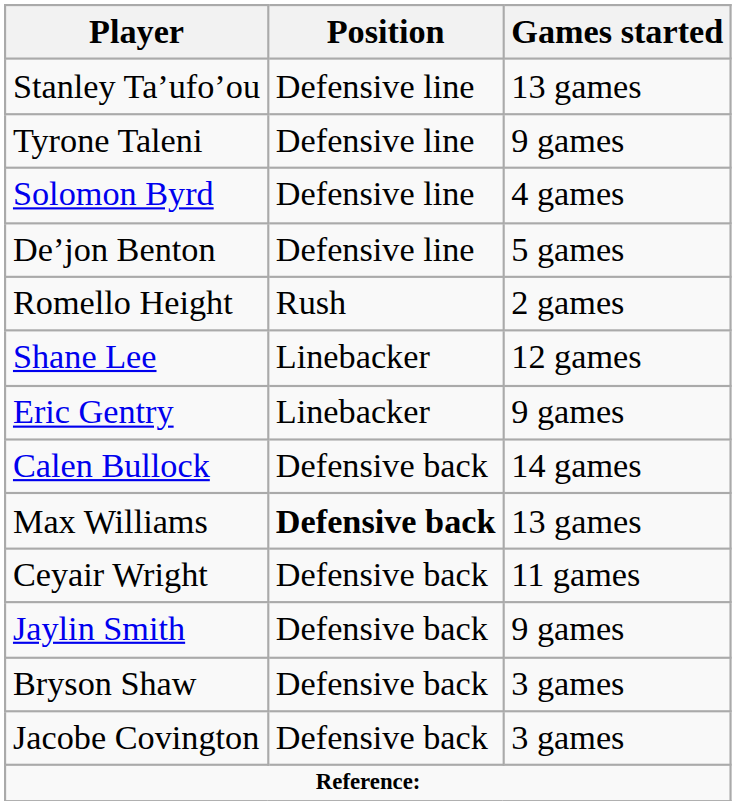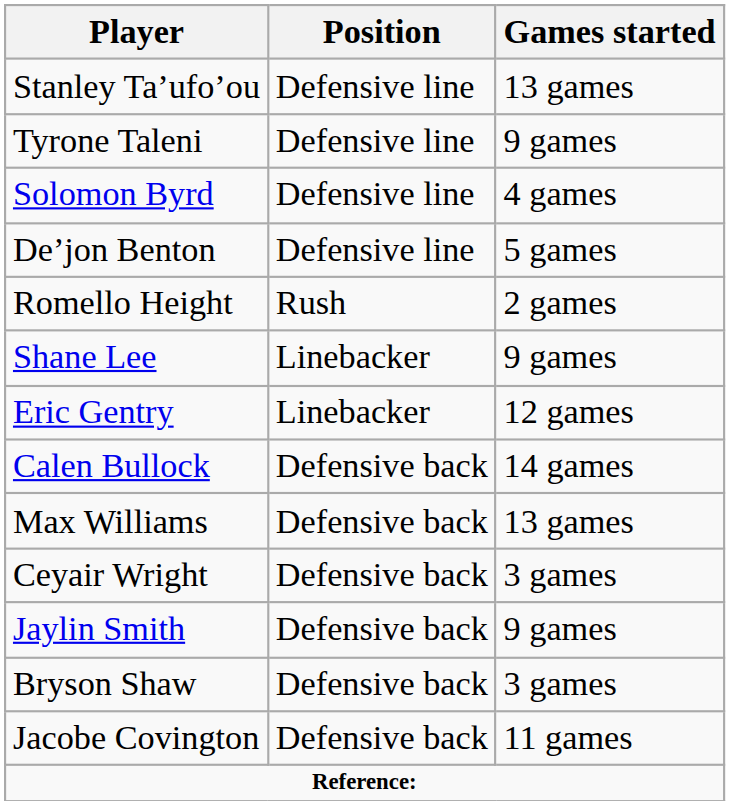 <table class="wikitable">
 <tr ;>
 <th style="text-align:center; ">Player</th>
 <th style="text-align:center; ">Position</th>
 <th style="text-align:center; ">Games started</th>
 </tr>
 <tr>
 <td>Stanley Ta’ufo’ou</td>
 <td>Defensive line</td>
 <td>13 games</td>
 </tr>
 <tr>
 <td>Tyrone Taleni</td>
 <td>Defensive line</td>
 <td>9 games</td>
 </tr>
 <tr>
 <td><a href='#'>Solomon Byrd</a></td>
 <td>Defensive line</td>
 <td>4 games</td>
 </tr>
 <tr>
 <td>De’jon Benton</td>
 <td>Defensive line</td>
 <td>5 games</td>
 </tr>
 <tr>
 <td>Romello Height</td>
 <td>Rush</td>
 <td>2 games</td>
 </tr>
 <tr>
 <td><a href='#'>Shane Lee</a></td>
 <td>Linebacker</td>
-<td>12 games</td>
+<td>9 games</td>
 </tr>
 <tr>
 <td><a href='#'>Eric Gentry</a></td>
 <td>Linebacker</td>
-<td>9 games</td>
+<td>12 games</td>
 </tr>
 <tr>
 <td><a href='#'>Calen Bullock</a></td>
 <td>Defensive back</td>
 <td>14 games</td>
 </tr>
 <tr>
 <td>Max Williams</td>
-<td><strong>Defensive back</strong></td>
+<td>Defensive back</td>
 <td>13 games</td>
 </tr>
 <tr>
 <td>Ceyair Wright</td>
 <td>Defensive back</td>
-<td>11 games</td>
+<td>3 games</td>
 </tr>
 <tr>
 <td><a href='#'>Jaylin Smith</a></td>
 <td>Defensive back</td>
 <td>9 games</td>
 </tr>
 <tr>
 <td>Bryson Shaw</td>
 <td>Defensive back</td>
 <td>3 games</td>
 </tr>
 <tr>
 <td>Jacobe Covington</td>
 <td>Defensive back</td>
-<td>3 games</td>
+<td>11 games</td>
 </tr>
 <tr>
 <td colspan="4"  style="font-size:8pt; text-align:center;"><strong>Reference:</strong></td>
 </tr>
 </table>
